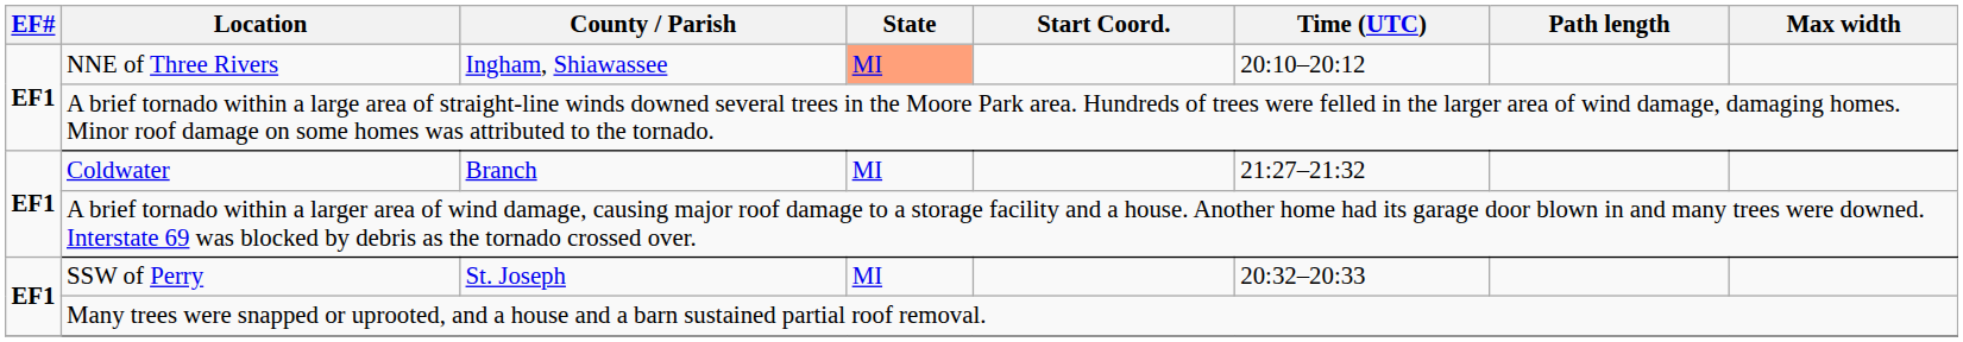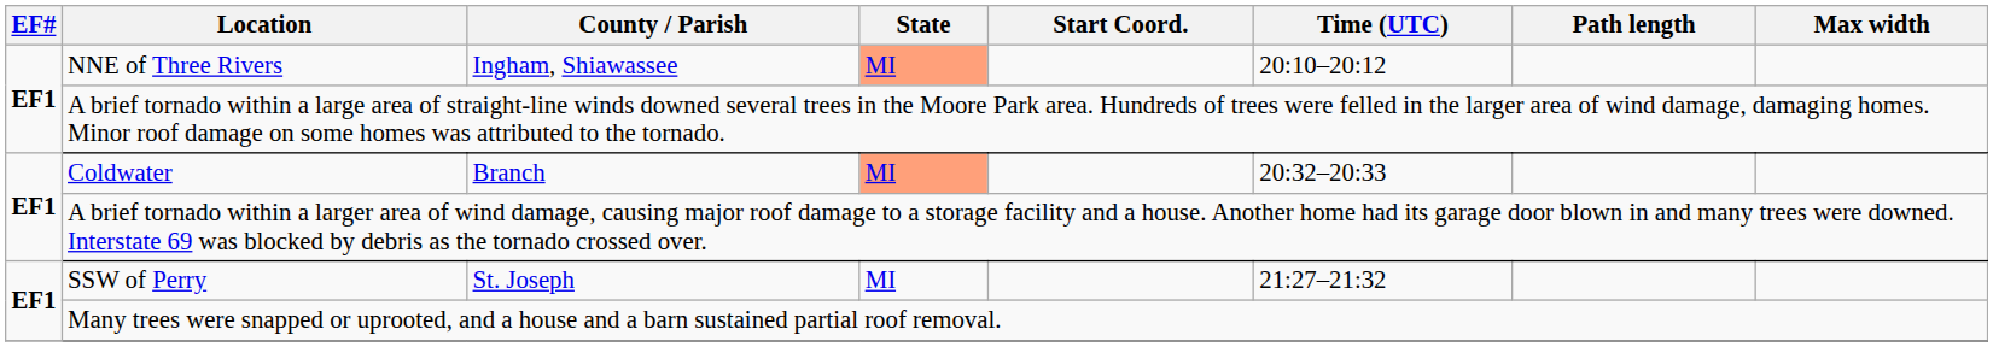 <table class="wikitable sortable" style="width:100%;">
 <tr>
 <th scope="col" width="2%" align="center"><a href='#'>EF#</a></th>
 <th scope="col" align="center" class="unsortable">Location</th>
 <th scope="col" align="center" class="unsortable">County / Parish</th>
 <th scope="col" align="center">State</th>
 <th scope="col" align="center" data-sort-type="number">Start Coord.</th>
 <th scope="col" align="center" data-sort-type="number">Time (<a href='#'>UTC</a>)</th>
 <th scope="col" align="center" data-sort-type="number">Path length</th>
 <th scope="col" align="center" data-sort-type="number">Max width</th>
 </tr>
 <tr>
 <td rowspan="2" align="center"><strong>EF1</strong></td>
 <td>NNE of <a href='#'>Three Rivers</a></td>
 <td><a href='#'>Ingham</a>, <a href='#'>Shiawassee</a></td>
 <td style="background: lightsalmon;"><a href='#'>MI</a></td>
 <td></td>
 <td>20:10–20:12</td>
 <td></td>
 <td></td>
 </tr>
 <tr class="expand-child">
 <td colspan="8" style=" border-bottom: 1px solid black;">A brief tornado within a large area of straight-line winds downed several trees in the Moore Park area. Hundreds of trees were felled in the larger area of wind damage, damaging homes. Minor roof damage on some homes was attributed to the tornado.</td>
 </tr>
 <tr>
 <td rowspan="2" align="center"><strong>EF1</strong></td>
 <td><a href='#'>Coldwater</a></td>
 <td><a href='#'>Branch</a></td>
-<td><a href='#'>MI</a></td>
+<td style="background: lightsalmon;"><a href='#'>MI</a></td>
 <td></td>
-<td>21:27–21:32</td>
+<td>20:32–20:33</td>
 <td></td>
 <td></td>
 </tr>
 <tr class="expand-child">
 <td colspan="8" style=" border-bottom: 1px solid black;">A brief tornado within a larger area of wind damage, causing major roof damage to a storage facility and a house. Another home had its garage door blown in and many trees were downed. <a href='#'>Interstate 69</a> was blocked by debris as the tornado crossed over.</td>
 </tr>
 <tr>
 <td rowspan="2" align="center"><strong>EF1</strong></td>
 <td>SSW of <a href='#'>Perry</a></td>
 <td><a href='#'>St. Joseph</a></td>
 <td><a href='#'>MI</a></td>
 <td></td>
-<td>20:32–20:33</td>
+<td>21:27–21:32</td>
 <td></td>
 <td></td>
 </tr>
 <tr class="expand-child">
 <td colspan="8" style=" border-bottom: 1px solid black;">Many trees were snapped or uprooted, and a house and a barn sustained partial roof removal.</td>
 </tr>
 <tr>
 </tr>
 </table>
